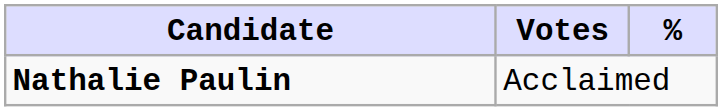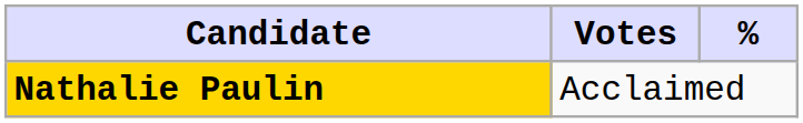 <table class="wikitable">
 <tr>
 <th style="background:#ddf; width:200px;">Candidate</th>
 <th style="background:#ddf; width:50px;">Votes</th>
 <th style="background:#ddf; width:30px;">%</th>
 </tr>
 <tr>
-<td><strong>Nathalie Paulin</strong></td>
+<td style="background: gold;"><strong>Nathalie Paulin</strong></td>
 <td colspan="2">Acclaimed</td>
 </tr>
 </table>
